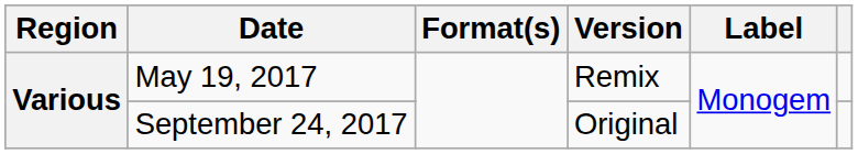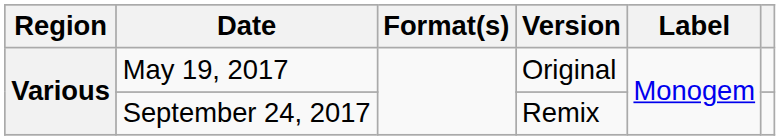 <table class="wikitable plainrowheaders">
 <tr>
 <th scope="col">Region</th>
 <th scope="col">Date</th>
 <th scope="col">Format(s)</th>
 <th scope="col">Version</th>
 <th scope="col">Label</th>
 <th scope="col"></th>
 </tr>
 <tr>
 <th rowspan="2" scope="row">Various</th>
 <td>May 19, 2017</td>
 <td rowspan="2"></td>
-<td>Remix</td>
+<td>Original</td>
 <td rowspan="2"><a href='#'>Monogem</a></td>
 <td align="center"></td>
 </tr>
 <tr>
 <td>September 24, 2017</td>
-<td>Original</td>
+<td>Remix</td>
 <td align="center"></td>
 </tr>
 </table>
